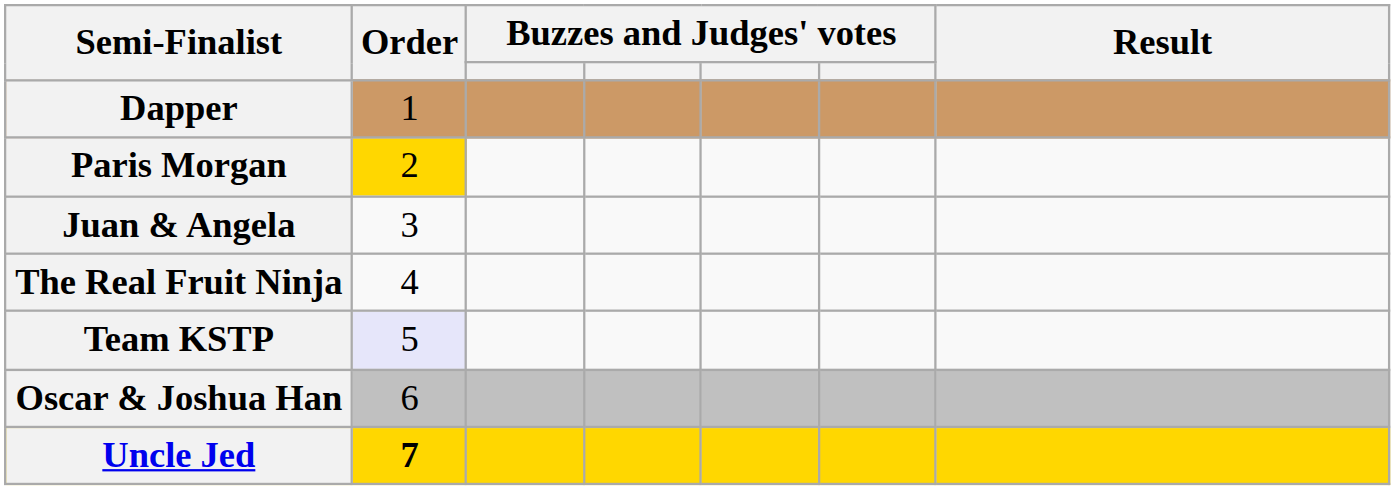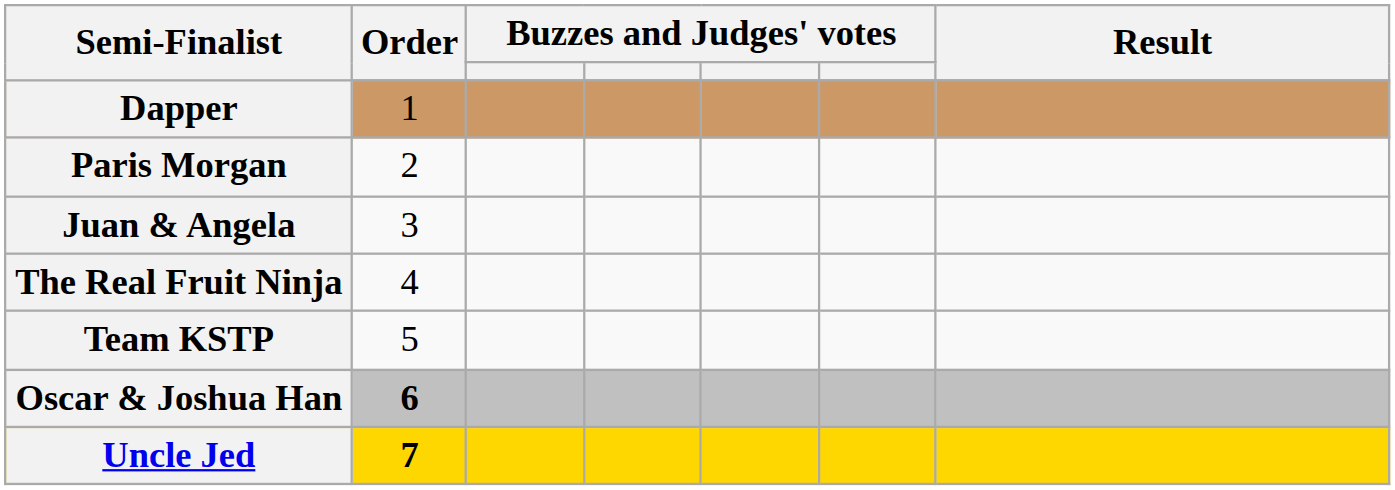 <table class="wikitable plainrowheaders sortable" style="text-align:center;">
 <tr>
 <th scope="col" rowspan="2" class="unsortable" style="width:17em;">Semi-Finalist</th>
 <th scope="col" rowspan="2" style="width:1em;">Order</th>
 <th scope="col" colspan="4" class="unsortable" style="width:24em;">Buzzes and Judges' votes</th>
 <th scope="col" rowspan="2" style="width:25em;">Result</th>
 </tr>
 <tr>
 <th scope="col" class="unsortable" style="width:6em;"></th>
 <th scope="col" class="unsortable" style="width:6em;"></th>
 <th scope="col" class="unsortable" style="width:6em;"></th>
 <th scope="col" class="unsortable" style="width:6em;"></th>
 </tr>
 <tr style="background:#c96;">
 <th scope="row">Dapper</th>
 <td>1</td>
 <td style="text-align:center;"></td>
 <td style="text-align:center;"></td>
 <td style="text-align:center;"></td>
 <td style="text-align:center;"></td>
 <td></td>
 </tr>
 <tr>
 <th scope="row">Paris Morgan</th>
-<td style="background: gold;">2</td>
+<td>2</td>
 <td style="text-align:center;"></td>
 <td style="text-align:center;"></td>
 <td style="text-align:center;"></td>
 <td style="text-align:center;"></td>
 <td></td>
 </tr>
 <tr>
 <th scope="row">Juan & Angela</th>
 <td>3</td>
 <td style="text-align:center;"></td>
 <td style="text-align:center;"></td>
 <td style="text-align:center;"></td>
 <td style="text-align:center;"></td>
 <td></td>
 </tr>
 <tr>
 <th scope="row">The Real Fruit Ninja</th>
 <td>4</td>
 <td style="text-align:center;"></td>
 <td style="text-align:center;"></td>
 <td style="text-align:center;"></td>
 <td style="text-align:center;"></td>
 <td></td>
 </tr>
 <tr>
 <th scope="row">Team KSTP</th>
-<td style="background: lavender;">5</td>
+<td>5</td>
 <td style="text-align:center;"></td>
 <td style="text-align:center;"></td>
 <td style="text-align:center;"></td>
 <td style="text-align:center;"></td>
 <td></td>
 </tr>
 <tr style="background:silver;">
 <th scope="row">Oscar & Joshua Han</th>
-<td>6</td>
+<td><strong>6</strong></td>
 <td style="text-align:center;"></td>
 <td style="text-align:center;"></td>
 <td style="text-align:center;"></td>
 <td style="text-align:center;"></td>
 <td><strong></strong></td>
 </tr>
 <tr style="background:gold;">
 <th scope="row"><strong><a href='#'>Uncle Jed</a></strong></th>
 <td><strong>7</strong></td>
 <td style="text-align:center;"></td>
 <td style="text-align:center;"></td>
 <td style="text-align:center;"></td>
 <td style="text-align:center;"></td>
 <td><strong></strong></td>
 </tr>
 </table>
